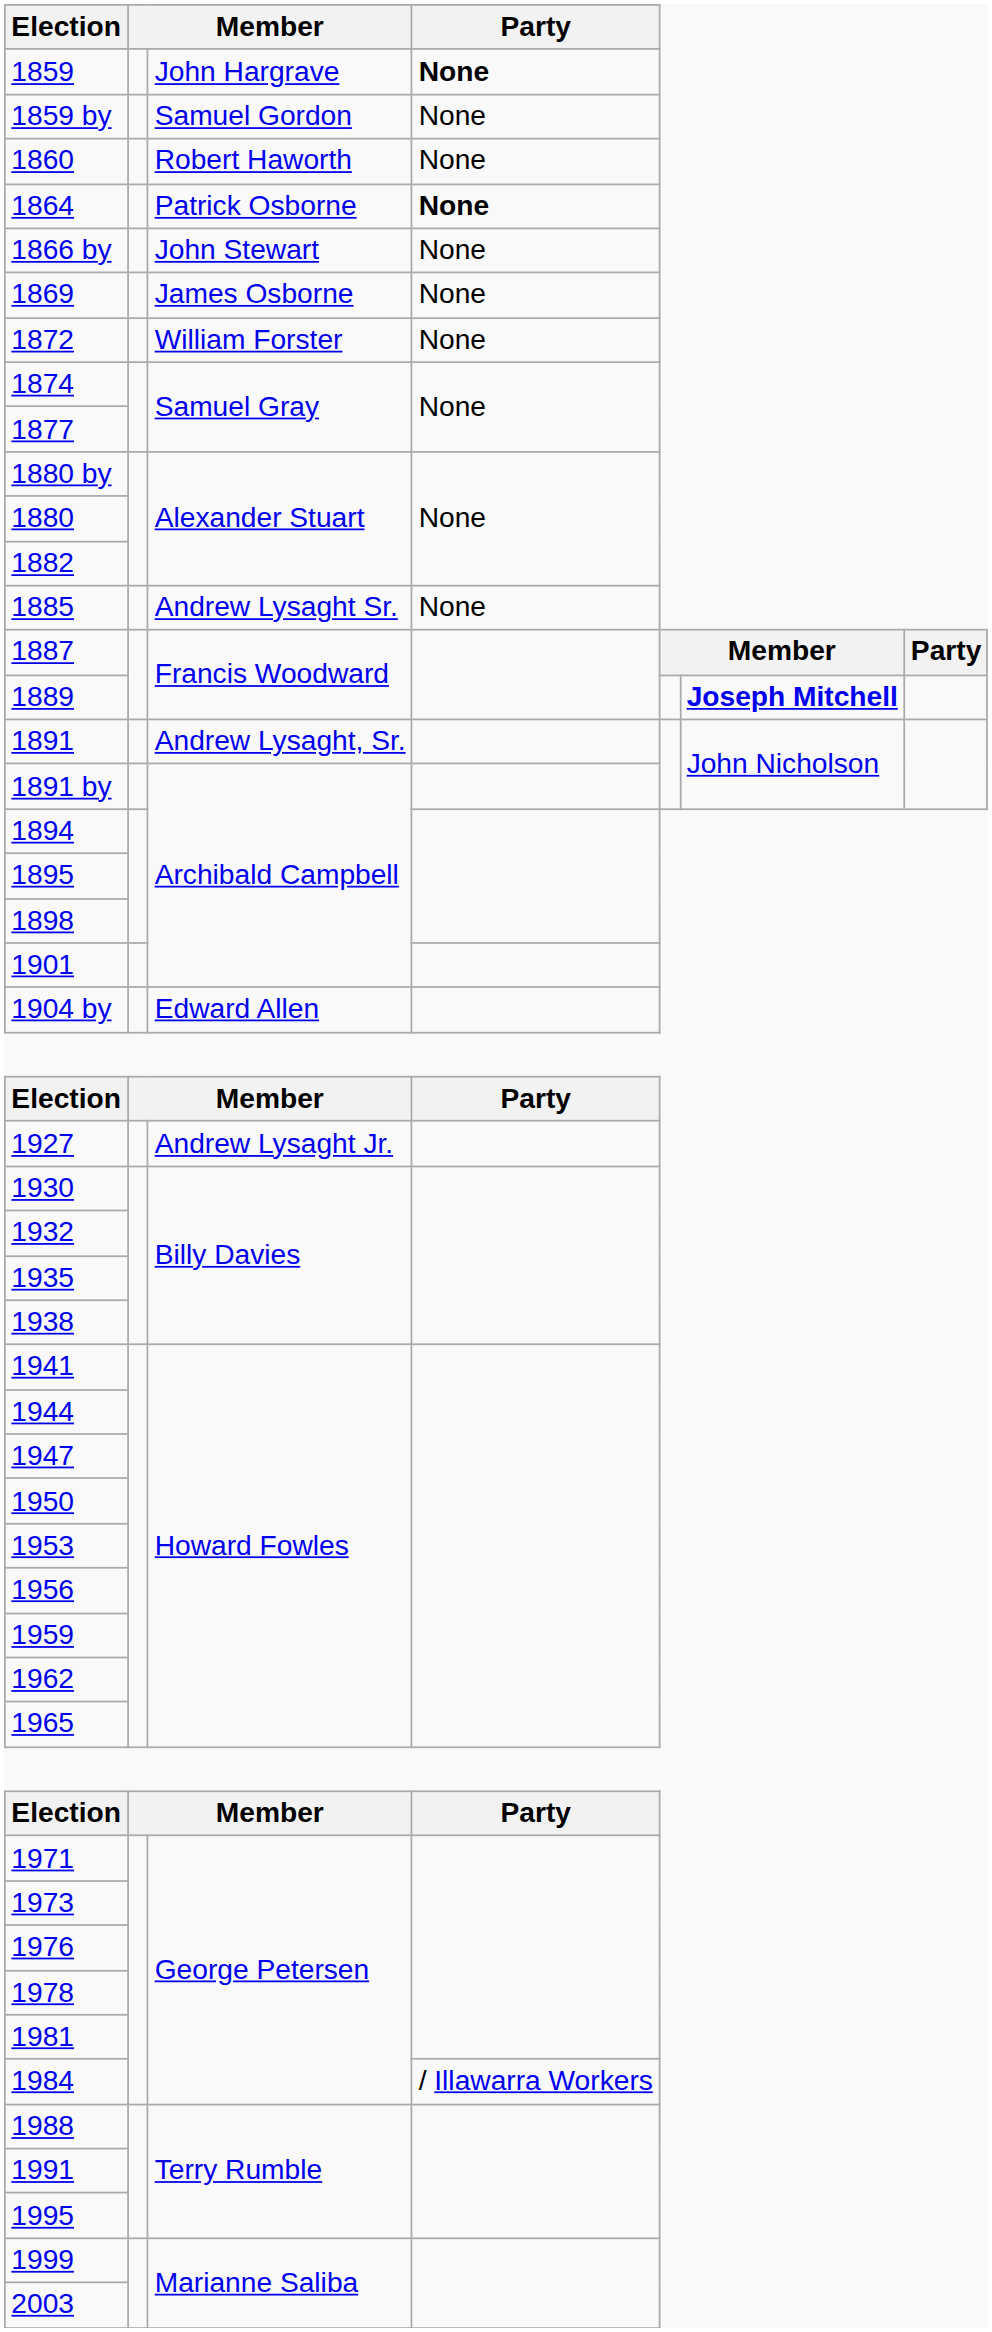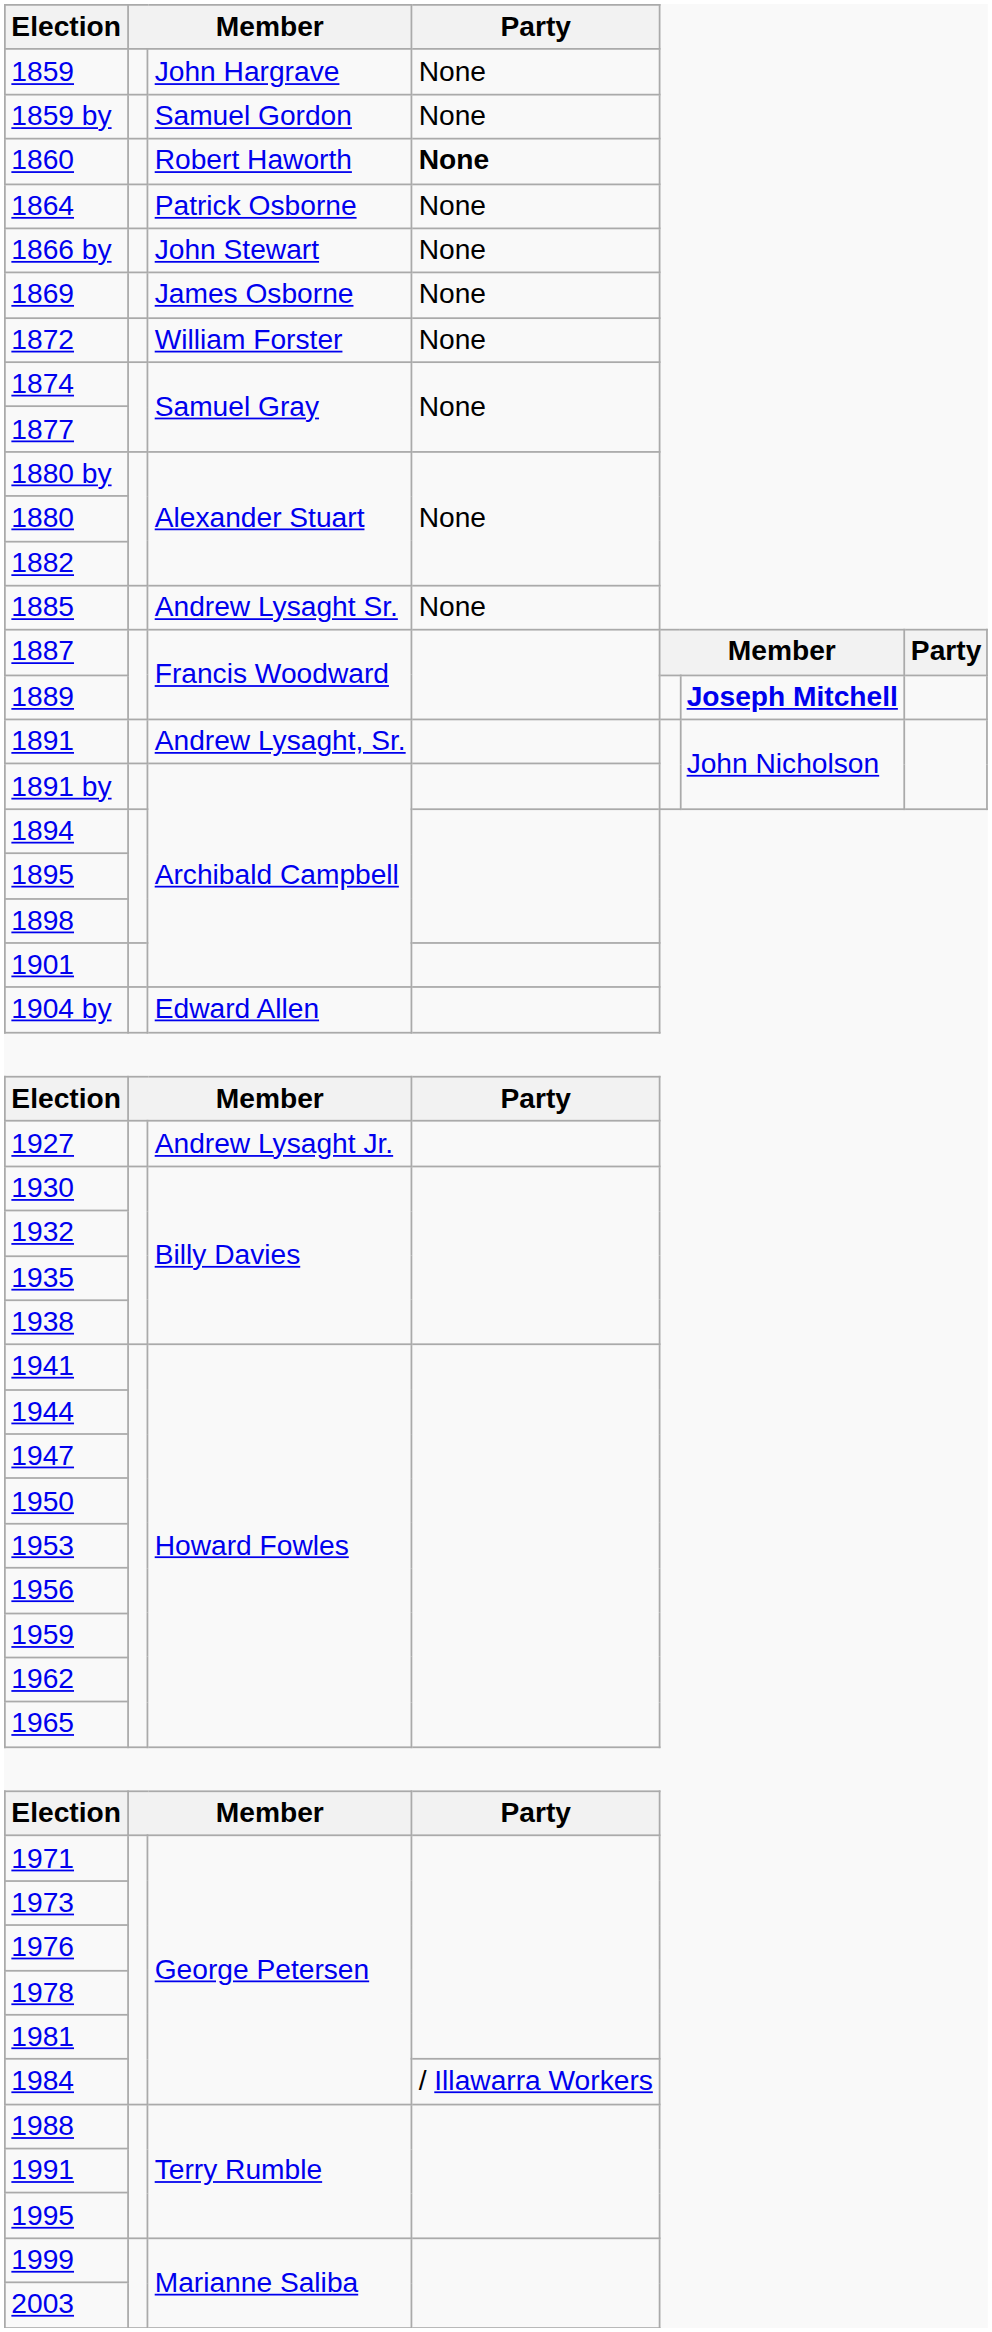 <table class="wikitable" style='border-style: none none none none;'>
 <tr>
 <th>Election</th>
 <th colspan="2">Member</th>
 <th>Party</th>
 </tr>
 <tr style="background: #f9f9f9">
 <td><a href='#'>1859</a></td>
 <td> </td>
 <td><a href='#'>John Hargrave</a></td>
-<td><strong>None</strong></td>
+<td>None</td>
 </tr>
 <tr style="background: #f9f9f9">
 <td><a href='#'>1859 by</a></td>
 <td> </td>
 <td><a href='#'>Samuel Gordon</a></td>
 <td>None</td>
 </tr>
 <tr style="background: #f9f9f9">
 <td><a href='#'>1860</a></td>
 <td> </td>
 <td><a href='#'>Robert Haworth</a></td>
-<td>None</td>
+<td><strong>None</strong></td>
 </tr>
 <tr style="background: #f9f9f9">
 <td><a href='#'>1864</a></td>
 <td> </td>
 <td><a href='#'>Patrick Osborne</a></td>
-<td><strong>None</strong></td>
+<td>None</td>
 </tr>
 <tr style="background: #f9f9f9">
 <td><a href='#'>1866 by</a></td>
 <td> </td>
 <td><a href='#'>John Stewart</a></td>
 <td>None</td>
 </tr>
 <tr style="background: #f9f9f9">
 <td><a href='#'>1869</a></td>
 <td> </td>
 <td><a href='#'>James Osborne</a></td>
 <td>None</td>
 </tr>
 <tr style="background: #f9f9f9">
 <td><a href='#'>1872</a></td>
 <td> </td>
 <td><a href='#'>William Forster</a></td>
 <td>None</td>
 </tr>
 <tr style="background: #f9f9f9">
 <td><a href='#'>1874</a></td>
 <td rowspan="2" > </td>
 <td rowspan="2"><a href='#'>Samuel Gray</a></td>
 <td rowspan="2">None</td>
 </tr>
 <tr style="background: #f9f9f9">
 <td><a href='#'>1877</a></td>
 </tr>
 <tr style="background: #f9f9f9">
 <td><a href='#'>1880 by</a></td>
 <td rowspan="3" > </td>
 <td rowspan="3"><a href='#'>Alexander Stuart</a></td>
 <td rowspan="3">None</td>
 </tr>
 <tr style="background: #f9f9f9">
 <td><a href='#'>1880</a></td>
 </tr>
 <tr style="background: #f9f9f9">
 <td><a href='#'>1882</a></td>
 </tr>
 <tr style="background: #f9f9f9">
 <td><a href='#'>1885</a></td>
 <td> </td>
 <td><a href='#'>Andrew Lysaght Sr.</a></td>
 <td>None</td>
 </tr>
 <tr style="background: #f9f9f9">
 <td><a href='#'>1887</a></td>
 <td rowspan="2" > </td>
 <td rowspan="2"><a href='#'>Francis Woodward</a></td>
 <td rowspan="2"></td>
 <th colspan="2">Member</th>
 <th>Party</th>
 </tr>
 <tr style="background: #f9f9f9">
 <td><a href='#'>1889</a></td>
 <td> </td>
 <td><strong><a href='#'>Joseph Mitchell</a></strong></td>
 <td></td>
 </tr>
 <tr style="background: #f9f9f9">
 <td><a href='#'>1891</a></td>
 <td> </td>
 <td><a href='#'>Andrew Lysaght, Sr.</a></td>
 <td></td>
 <td rowspan="2" ><br> </td>
 <td rowspan="2"><a href='#'>John Nicholson</a></td>
 <td rowspan="2"></td>
 </tr>
 <tr style="background: #f9f9f9">
 <td><a href='#'>1891 by</a></td>
 <td> </td>
 <td rowspan="5"><a href='#'>Archibald Campbell</a></td>
 <td></td>
 </tr>
 <tr style="background: #f9f9f9">
 <td><a href='#'>1894</a></td>
 <td rowspan="3" > </td>
 <td rowspan="3"></td>
 </tr>
 <tr style="background: #f9f9f9">
 <td><a href='#'>1895</a></td>
 </tr>
 <tr style="background: #f9f9f9">
 <td><a href='#'>1898</a></td>
 </tr>
 <tr style="background: #f9f9f9">
 <td><a href='#'>1901</a></td>
 <td> </td>
 <td></td>
 </tr>
 <tr style="background: #f9f9f9">
 <td><a href='#'>1904 by</a></td>
 <td> </td>
 <td><a href='#'>Edward Allen</a></td>
 <td></td>
 </tr>
 <tr>
 <td colspan="4" style='border-style: none none none none;'> </td>
 </tr>
 <tr>
 <th>Election</th>
 <th colspan="2">Member</th>
 <th>Party</th>
 </tr>
 <tr style="background: #f9f9f9">
 <td><a href='#'>1927</a></td>
 <td> </td>
 <td><a href='#'>Andrew Lysaght Jr.</a></td>
 <td></td>
 </tr>
 <tr style="background: #f9f9f9">
 <td><a href='#'>1930</a></td>
 <td rowspan="4" > </td>
 <td rowspan="4"><a href='#'>Billy Davies</a></td>
 <td rowspan="4"></td>
 </tr>
 <tr style="background: #f9f9f9">
 <td><a href='#'>1932</a></td>
 </tr>
 <tr style="background: #f9f9f9">
 <td><a href='#'>1935</a></td>
 </tr>
 <tr style="background: #f9f9f9">
 <td><a href='#'>1938</a></td>
 </tr>
 <tr style="background: #f9f9f9">
 <td><a href='#'>1941</a></td>
 <td rowspan="9" > </td>
 <td rowspan="9"><a href='#'>Howard Fowles</a></td>
 <td rowspan="9"></td>
 </tr>
 <tr style="background: #f9f9f9">
 <td><a href='#'>1944</a></td>
 </tr>
 <tr style="background: #f9f9f9">
 <td><a href='#'>1947</a></td>
 </tr>
 <tr style="background: #f9f9f9">
 <td><a href='#'>1950</a></td>
 </tr>
 <tr style="background: #f9f9f9">
 <td><a href='#'>1953</a></td>
 </tr>
 <tr style="background: #f9f9f9">
 <td><a href='#'>1956</a></td>
 </tr>
 <tr style="background: #f9f9f9">
 <td><a href='#'>1959</a></td>
 </tr>
 <tr style="background: #f9f9f9">
 <td><a href='#'>1962</a></td>
 </tr>
 <tr style="background: #f9f9f9">
 <td><a href='#'>1965</a></td>
 </tr>
 <tr>
 <td colspan="4" style='border-style: none none none none;'> </td>
 </tr>
 <tr>
 <th>Election</th>
 <th colspan="2">Member</th>
 <th>Party</th>
 </tr>
 <tr style="background: #f9f9f9">
 <td><a href='#'>1971</a></td>
 <td rowspan="6" > </td>
 <td rowspan="6"><a href='#'>George Petersen</a></td>
 <td rowspan="5"></td>
 </tr>
 <tr style="background: #f9f9f9">
 <td><a href='#'>1973</a></td>
 </tr>
 <tr style="background: #f9f9f9">
 <td><a href='#'>1976</a></td>
 </tr>
 <tr style="background: #f9f9f9">
 <td><a href='#'>1978</a></td>
 </tr>
 <tr style="background: #f9f9f9">
 <td><a href='#'>1981</a></td>
 </tr>
 <tr style="background: #f9f9f9">
 <td><a href='#'>1984</a></td>
 <td> / <a href='#'>Illawarra Workers</a></td>
 </tr>
 <tr style="background: #f9f9f9">
 <td><a href='#'>1988</a></td>
 <td rowspan="3" > </td>
 <td rowspan="3"><a href='#'>Terry Rumble</a></td>
 <td rowspan="3"></td>
 </tr>
 <tr style="background: #f9f9f9">
 <td><a href='#'>1991</a></td>
 </tr>
 <tr style="background: #f9f9f9">
 <td><a href='#'>1995</a></td>
 </tr>
 <tr style="background: #f9f9f9">
 <td><a href='#'>1999</a></td>
 <td rowspan="2" > </td>
 <td rowspan="2"><a href='#'>Marianne Saliba</a></td>
 <td rowspan="2"></td>
 </tr>
 <tr style="background: #f9f9f9">
 <td><a href='#'>2003</a></td>
 </tr>
 </table>
